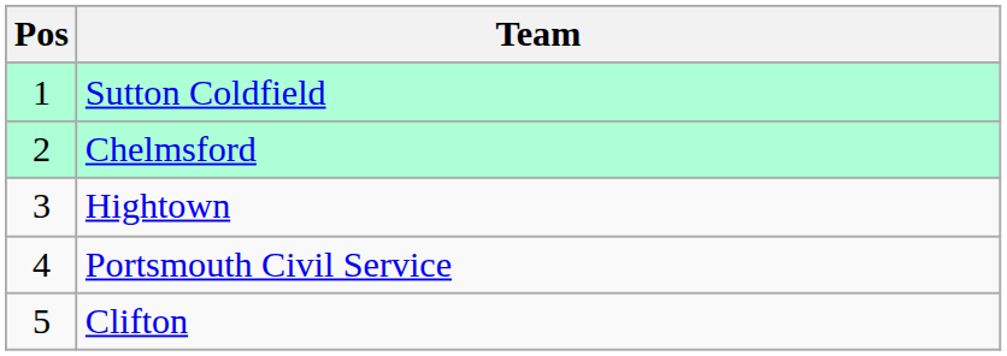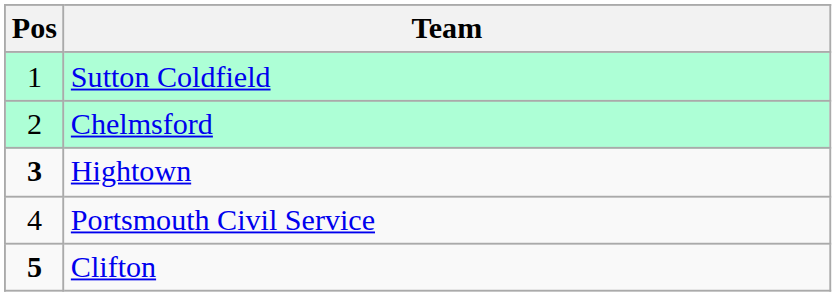 <table class="wikitable" style="font-size: 100%">
 <tr>
 <th width=20>Pos</th>
 <th width=400>Team</th>
 </tr>
 <tr align=center style="background: #ADFFD6;">
 <td>1</td>
 <td align="left"><a href='#'>Sutton Coldfield</a></td>
 </tr>
 <tr align=center style="background: #ADFFD6;">
 <td>2</td>
 <td align="left"><a href='#'>Chelmsford</a></td>
 </tr>
 <tr align=center>
-<td>3</td>
+<td><strong>3</strong></td>
 <td align="left"><a href='#'>Hightown</a></td>
 </tr>
 <tr align=center>
 <td>4</td>
 <td align="left"><a href='#'>Portsmouth Civil Service</a></td>
 </tr>
 <tr align=center>
-<td>5</td>
+<td><strong>5</strong></td>
 <td align="left"><a href='#'>Clifton</a></td>
 </tr>
 </table>
